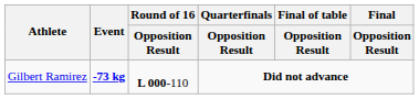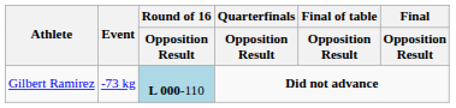 <table class=wikitable style="font-size:90%">
 <tr>
 <th rowspan=2>Athlete</th>
 <th rowspan=2>Event</th>
 <th>Round of 16</th>
 <th>Quarterfinals</th>
 <th>Final of table</th>
 <th>Final</th>
 </tr>
 <tr>
 <th>Opposition<br>Result</th>
 <th>Opposition<br>Result</th>
 <th>Opposition<br>Result</th>
 <th>Opposition<br>Result</th>
 </tr>
 <tr>
 <td><a href='#'>Gilbert Ramirez</a></td>
-<td><strong><a href='#'>-73 kg</a></strong></td>
-<td align=center><br><strong>L 000</strong>-110</td>
+<td><a href='#'>-73 kg</a></td>
+<td align=center style="background: lightblue;"><br><strong>L 000</strong>-110</td>
 <td colspan=4 align=center><strong>Did not advance</strong></td>
 </tr>
 </table>
